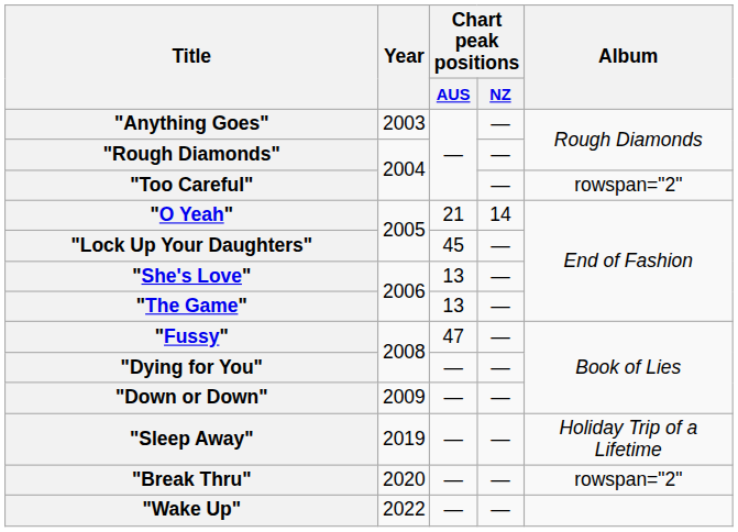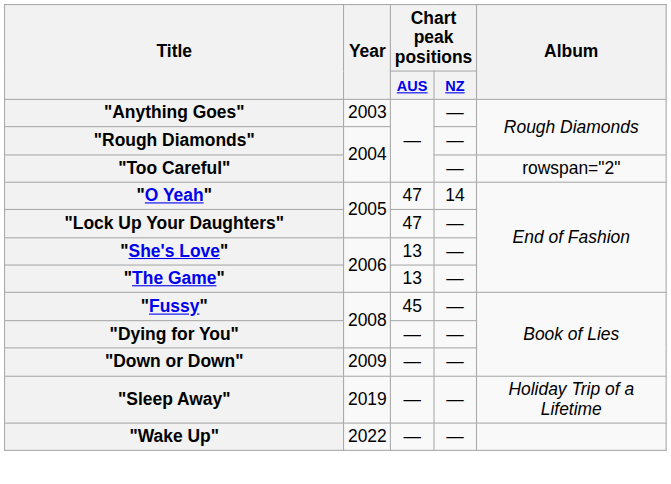 <table class="wikitable plainrowheaders" style="text-align:center;" border="1">
 <tr>
 <th rowspan="2" scope="col" style="width:19em;">Title</th>
 <th rowspan="2" scope="col" style="width:1em;">Year</th>
 <th colspan="2">Chart peak positions</th>
 <th rowspan="2" scope="col">Album</th>
 </tr>
 <tr>
 <th width="30px"><small><a href='#'>AUS</a></small><br></th>
 <th width="30px"><small><a href='#'>NZ</a></small><br></th>
 </tr>
 <tr>
 <th scope="row">"Anything Goes"</th>
 <td>2003</td>
 <td rowspan="3">—</td>
 <td>—</td>
 <td rowspan="2"><em>Rough Diamonds</em></td>
 </tr>
 <tr>
 <th scope="row">"Rough Diamonds"</th>
 <td rowspan="2">2004</td>
 <td>—</td>
 </tr>
 <tr>
 <th scope="row">"Too Careful"</th>
 <td>—</td>
 <td>rowspan="2" </td>
 </tr>
 <tr>
 <th scope="row">"<a href='#'>O Yeah</a>"</th>
 <td rowspan="2">2005</td>
-<td>21</td>
+<td>47</td>
 <td>14</td>
 <td rowspan="4"><em>End of Fashion</em></td>
 </tr>
 <tr>
 <th scope="row">"Lock Up Your Daughters"</th>
-<td>45</td>
+<td>47</td>
 <td>—</td>
 </tr>
 <tr>
 <th scope="row">"<a href='#'>She's Love</a>"</th>
 <td rowspan="2">2006</td>
 <td>13</td>
 <td>—</td>
 </tr>
 <tr>
 <th scope="row">"<a href='#'>The Game</a>"</th>
 <td>13</td>
 <td>—</td>
 </tr>
 <tr>
 <th scope="row">"<a href='#'>Fussy</a>"</th>
 <td rowspan="2">2008</td>
-<td>47</td>
+<td>45</td>
 <td>—</td>
 <td rowspan="3"><em>Book of Lies</em></td>
 </tr>
 <tr>
 <th scope="row">"Dying for You"</th>
 <td>—</td>
 <td>—</td>
 </tr>
 <tr>
 <th scope="row">"Down or Down"</th>
 <td>2009</td>
 <td>—</td>
 <td>—</td>
 </tr>
 <tr>
 <th scope="row">"Sleep Away"</th>
 <td>2019</td>
 <td>—</td>
 <td>—</td>
 <td><em>Holiday Trip of a Lifetime</em></td>
 </tr>
 <tr>
-<th scope="row">"Break Thru"</th>
-<td>2020</td>
-<td>—</td>
-<td>—</td>
-<td>rowspan="2" </td>
-</tr>
-<tr>
 <th scope="row">"Wake Up"</th>
 <td>2022</td>
 <td>—</td>
 <td>—</td>
 </tr>
 </table>
